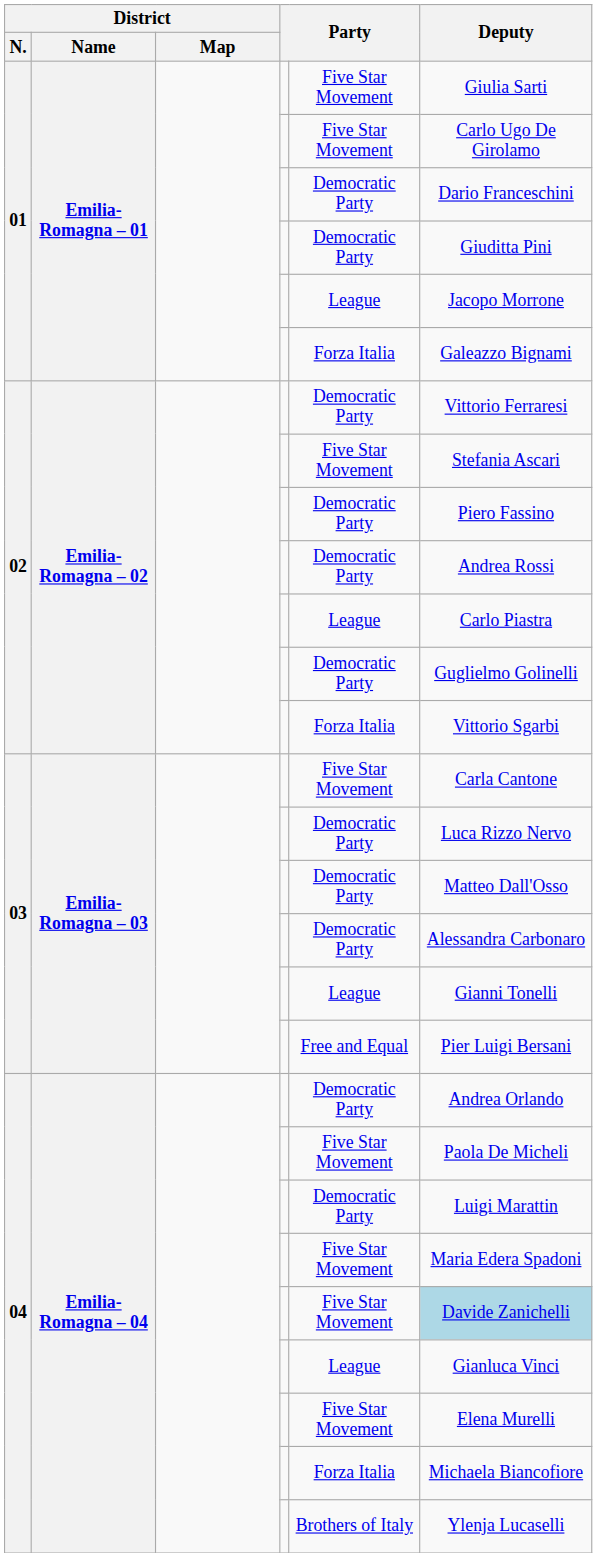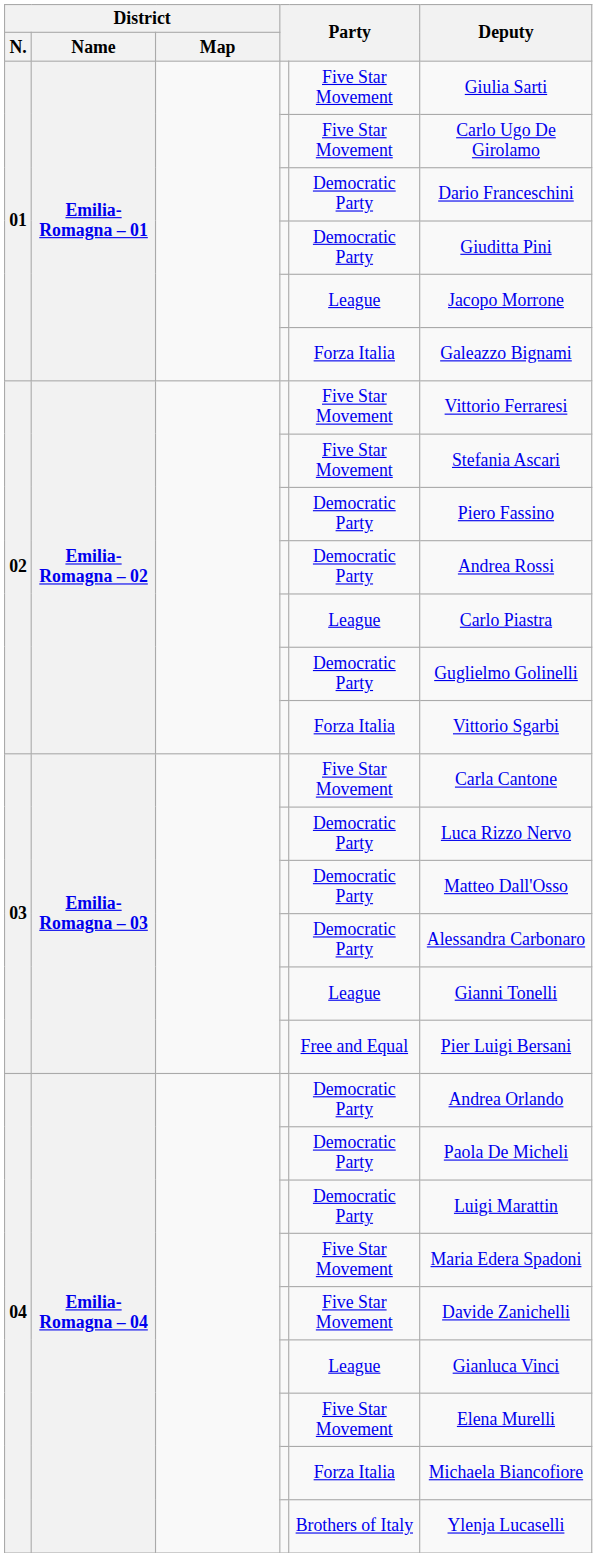 <table class="wikitable" style="text-align:center; style="width=60%">
 <tr>
 <th width=35% colspan="3">District</th>
 <th width=20% colspan="2" rowspan="2">Party</th>
 <th width=25% rowspan="2">Deputy</th>
 </tr>
 <tr>
 <th width=1%>N.</th>
 <th width=18%>Name</th>
 <th width=18%>Map</th>
 </tr>
 <tr style="height:3em;">
 <th rowspan="6">01</th>
 <th rowspan="6"><a href='#'>Emilia-Romagna – 01</a></th>
 <td rowspan="6"></td>
 <td style="background:"></td>
 <td><a href='#'>Five Star Movement</a></td>
 <td><a href='#'>Giulia Sarti</a></td>
 </tr>
 <tr style="height:3em;">
 <td style="background:"></td>
 <td><a href='#'>Five Star Movement</a></td>
 <td><a href='#'>Carlo Ugo De Girolamo</a></td>
 </tr>
 <tr style="height:3em;">
 <td style="background:"></td>
 <td><a href='#'>Democratic Party</a></td>
 <td><a href='#'>Dario Franceschini</a></td>
 </tr>
 <tr style="height:3em;">
 <td style="background:"></td>
 <td><a href='#'>Democratic Party</a></td>
 <td><a href='#'>Giuditta Pini</a></td>
 </tr>
 <tr style="height:3em;">
 <td style="background:"></td>
 <td><a href='#'>League</a></td>
 <td><a href='#'>Jacopo Morrone</a></td>
 </tr>
 <tr style="height:3em;">
 <td style="background:"></td>
 <td><a href='#'>Forza Italia</a></td>
 <td><a href='#'>Galeazzo Bignami</a></td>
 </tr>
 <tr style="height:3em;">
 <th rowspan="7">02</th>
 <th rowspan="7"><a href='#'>Emilia-Romagna – 02</a></th>
 <td rowspan="7"></td>
 <td style="background:"></td>
-<td><a href='#'>Democratic Party</a></td>
+<td><a href='#'>Five Star Movement</a></td>
 <td><a href='#'>Vittorio Ferraresi</a></td>
 </tr>
 <tr style="height:3em;">
 <td style="background:"></td>
 <td><a href='#'>Five Star Movement</a></td>
 <td><a href='#'>Stefania Ascari</a></td>
 </tr>
 <tr style="height:3em;">
 <td style="background:"></td>
 <td><a href='#'>Democratic Party</a></td>
 <td><a href='#'>Piero Fassino</a></td>
 </tr>
 <tr style="height:3em;">
 <td style="background:"></td>
 <td><a href='#'>Democratic Party</a></td>
 <td><a href='#'>Andrea Rossi</a></td>
 </tr>
 <tr style="height:3em;">
 <td style="background:"></td>
 <td><a href='#'>League</a></td>
 <td><a href='#'>Carlo Piastra</a></td>
 </tr>
 <tr style="height:3em;">
 <td style="background:"></td>
 <td><a href='#'>Democratic Party</a></td>
 <td><a href='#'>Guglielmo Golinelli</a></td>
 </tr>
 <tr style="height:3em;">
 <td style="background:"></td>
 <td><a href='#'>Forza Italia</a></td>
 <td><a href='#'>Vittorio Sgarbi</a></td>
 </tr>
 <tr style="height:3em;">
 <th rowspan="6">03</th>
 <th rowspan="6"><a href='#'>Emilia-Romagna – 03</a></th>
 <td rowspan="6"></td>
 <td style="background:"></td>
 <td><a href='#'>Five Star Movement</a></td>
 <td><a href='#'>Carla Cantone</a></td>
 </tr>
 <tr style="height:3em;">
 <td style="background:"></td>
 <td><a href='#'>Democratic Party</a></td>
 <td><a href='#'>Luca Rizzo Nervo</a></td>
 </tr>
 <tr style="height:3em;">
 <td style="background:"></td>
 <td><a href='#'>Democratic Party</a></td>
 <td><a href='#'>Matteo Dall'Osso</a></td>
 </tr>
 <tr style="height:3em;">
 <td style="background:"></td>
 <td><a href='#'>Democratic Party</a></td>
 <td><a href='#'>Alessandra Carbonaro</a></td>
 </tr>
 <tr style="height:3em;">
 <td style="background:"></td>
 <td><a href='#'>League</a></td>
 <td><a href='#'>Gianni Tonelli</a></td>
 </tr>
 <tr style="height:3em;">
 <td style="background:"></td>
 <td><a href='#'>Free and Equal</a></td>
 <td><a href='#'>Pier Luigi Bersani</a></td>
 </tr>
 <tr style="height:3em;">
 <th rowspan="9">04</th>
 <th rowspan="9"><a href='#'>Emilia-Romagna – 04</a></th>
 <td rowspan="9"></td>
 <td style="background:"></td>
 <td><a href='#'>Democratic Party</a></td>
 <td><a href='#'>Andrea Orlando</a></td>
 </tr>
 <tr style="height:3em;">
 <td style="background:"></td>
-<td><a href='#'>Five Star Movement</a></td>
+<td><a href='#'>Democratic Party</a></td>
 <td><a href='#'>Paola De Micheli</a></td>
 </tr>
 <tr style="height:3em;">
 <td style="background:"></td>
 <td><a href='#'>Democratic Party</a></td>
 <td><a href='#'>Luigi Marattin</a></td>
 </tr>
 <tr style="height:3em;">
 <td style="background:"></td>
 <td><a href='#'>Five Star Movement</a></td>
 <td><a href='#'>Maria Edera Spadoni</a></td>
 </tr>
 <tr style="height:3em;">
 <td style="background:"></td>
 <td><a href='#'>Five Star Movement</a></td>
-<td style="background: lightblue;"><a href='#'>Davide Zanichelli</a></td>
+<td><a href='#'>Davide Zanichelli</a></td>
 </tr>
 <tr style="height:3em;">
 <td style="background:"></td>
 <td><a href='#'>League</a></td>
 <td><a href='#'>Gianluca Vinci</a></td>
 </tr>
 <tr style="height:3em;">
 <td style="background:"></td>
 <td><a href='#'>Five Star Movement</a></td>
 <td><a href='#'>Elena Murelli</a></td>
 </tr>
 <tr style="height:3em;">
 <td style="background:"></td>
 <td><a href='#'>Forza Italia</a></td>
 <td><a href='#'>Michaela Biancofiore</a></td>
 </tr>
 <tr style="height:3em;">
 <td style="background:"></td>
 <td><a href='#'>Brothers of Italy</a></td>
 <td><a href='#'>Ylenja Lucaselli</a></td>
 </tr>
 </table>
